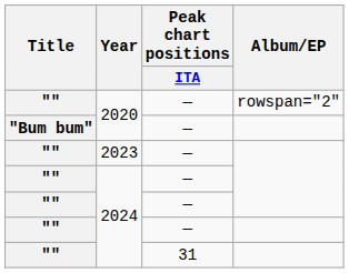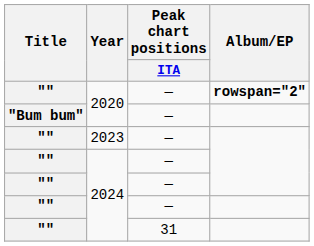 <table class="wikitable plainrowheaders" style="text-align:center;">
 <tr>
 <th scope="col" rowspan="2">Title</th>
 <th scope="col" rowspan="2">Year</th>
 <th scope="col" colspan="1">Peak chart positions</th>
 <th scope="col" rowspan="2">Album/EP</th>
 </tr>
 <tr>
 <th scope="col" style="width:3em;font-size:90%;"><a href='#'>ITA</a><br></th>
 </tr>
 <tr>
 <th scope="row">""</th>
 <td rowspan="2">2020</td>
 <td>—</td>
-<td>rowspan="2" </td>
+<td><strong>rowspan="2" </strong></td>
 </tr>
 <tr>
 <th scope="row">"Bum bum"</th>
 <td>—</td>
 </tr>
 <tr>
 <th scope="row">""</th>
 <td>2023</td>
 <td>—</td>
 <td rowspan="3"></td>
 </tr>
 <tr>
 <th scope="row">""</th>
 <td rowspan="4">2024</td>
 <td>—</td>
 </tr>
 <tr>
 <th scope="row">""</th>
 <td>—</td>
 </tr>
 <tr>
 <th scope="row">""<br></th>
 <td>—</td>
 <td></td>
 </tr>
 <tr>
 <th scope="row">""</th>
 <td>31</td>
 <td></td>
 </tr>
 </table>
